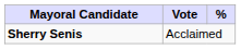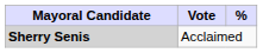 <table class="wikitable">
 <tr>
 <th style="background:#ddf; width:200px;">Mayoral Candidate</th>
 <th style="background:#ddf; width:50px;">Vote</th>
 <th style="background:#ddf; width:30px;">%</th>
 </tr>
 <tr>
-<td><strong>Sherry Senis</strong></td>
+<td style="background: lightgrey;"><strong>Sherry Senis</strong></td>
 <td colspan="2">Acclaimed</td>
 </tr>
 </table>
